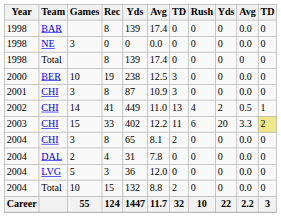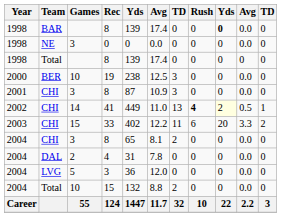 <table class="wikitable">
 <tr>
 <th>Year</th>
 <th>Team</th>
 <th>Games</th>
 <th>Rec</th>
 <th>Yds</th>
 <th>Avg</th>
 <th>TD</th>
 <th>Rush</th>
 <th>Yds</th>
 <th>Avg</th>
 <th>TD</th>
 </tr>
 <tr>
 <td>1998</td>
 <td><a href='#'>BAR</a></td>
 <td></td>
 <td>8</td>
 <td>139</td>
 <td>17.4</td>
 <td>0</td>
 <td>0</td>
-<td>0</td>
+<td><strong>0</strong></td>
 <td>0.0</td>
 <td>0</td>
 </tr>
 <tr>
 <td>1998</td>
 <td><a href='#'>NE</a></td>
 <td>3</td>
 <td>0</td>
 <td>0</td>
 <td>0.0</td>
 <td>0</td>
 <td>0</td>
 <td>0</td>
 <td>0.0</td>
 <td>0</td>
 </tr>
 <tr>
 <td>1998</td>
 <td>Total</td>
 <td></td>
 <td>8</td>
 <td>139</td>
 <td>17.4</td>
 <td>0</td>
 <td>0</td>
 <td>0</td>
 <td>0</td>
 <td>0</td>
 </tr>
 <tr>
 <td>2000</td>
 <td><a href='#'>BER</a></td>
 <td>10</td>
 <td>19</td>
 <td>238</td>
 <td>12.5</td>
 <td>3</td>
 <td>0</td>
 <td>0</td>
 <td>0.0</td>
 <td>0</td>
 </tr>
 <tr>
 <td>2001</td>
 <td><a href='#'>CHI</a></td>
 <td>3</td>
 <td>8</td>
 <td>87</td>
 <td>10.9</td>
 <td>3</td>
 <td>0</td>
 <td>0</td>
 <td>0.0</td>
 <td>0</td>
 </tr>
 <tr>
 <td>2002</td>
 <td><a href='#'>CHI</a></td>
 <td>14</td>
 <td>41</td>
 <td>449</td>
 <td>11.0</td>
 <td>13</td>
-<td>4</td>
-<td>2</td>
+<td><strong>4</strong></td>
+<td style="background: lightyellow;">2</td>
 <td>0.5</td>
 <td>1</td>
 </tr>
 <tr>
 <td>2003</td>
 <td><a href='#'>CHI</a></td>
 <td>15</td>
 <td>33</td>
 <td>402</td>
 <td>12.2</td>
 <td>11</td>
 <td>6</td>
 <td>20</td>
 <td>3.3</td>
-<td style="background: khaki;">2</td>
+<td>2</td>
 </tr>
 <tr>
 <td>2004</td>
 <td><a href='#'>CHI</a></td>
 <td>3</td>
 <td>8</td>
 <td>65</td>
 <td>8.1</td>
 <td>2</td>
 <td>0</td>
 <td>0</td>
 <td>0.0</td>
 <td>0</td>
 </tr>
 <tr>
 <td>2004</td>
 <td><a href='#'>DAL</a></td>
 <td>2</td>
 <td>4</td>
 <td>31</td>
 <td>7.8</td>
 <td>0</td>
 <td>0</td>
 <td>0</td>
 <td>0.0</td>
 <td>0</td>
 </tr>
 <tr>
 <td>2004</td>
 <td><a href='#'>LVG</a></td>
 <td>5</td>
 <td>3</td>
 <td>36</td>
 <td>12.0</td>
 <td>0</td>
 <td>0</td>
 <td>0</td>
 <td>0.0</td>
 <td>0</td>
 </tr>
 <tr>
 <td>2004</td>
 <td>Total</td>
 <td>10</td>
 <td>15</td>
 <td>132</td>
 <td>8.8</td>
 <td>2</td>
 <td>0</td>
 <td>0</td>
 <td>0.0</td>
 <td>0</td>
 </tr>
 <tr>
 <th>Career</th>
 <th></th>
 <th>55</th>
 <th>124</th>
 <th>1447</th>
 <th>11.7</th>
 <th>32</th>
 <th>10</th>
 <th>22</th>
 <th>2.2</th>
 <th>3</th>
 </tr>
 <tr>
 </tr>
 </table>
